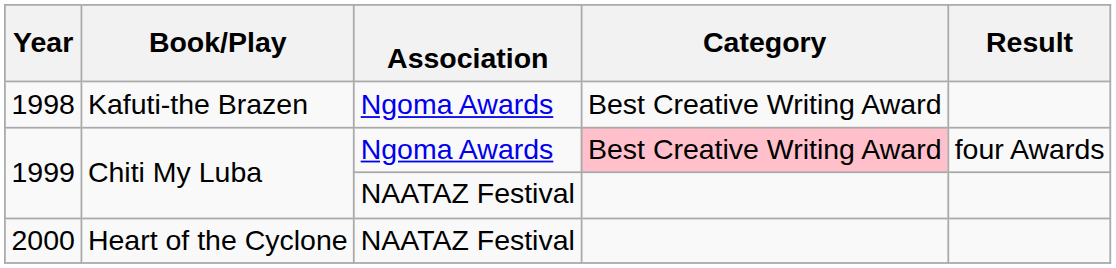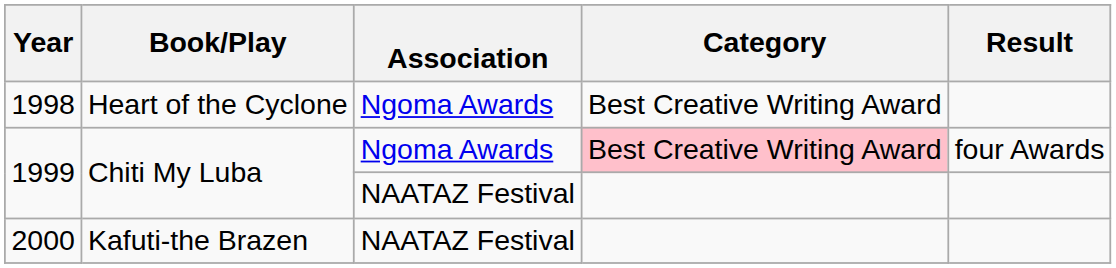 <table class="wikitable sortable">
 <tr>
 <th>Year</th>
 <th>Book/Play</th>
 <th><br>Association</th>
 <th>Category</th>
 <th>Result</th>
 </tr>
 <tr>
 <td>1998</td>
-<td>Kafuti-the Brazen</td>
+<td>Heart of the Cyclone</td>
 <td><a href='#'>Ngoma Awards</a></td>
 <td>Best Creative Writing Award</td>
 <td></td>
 </tr>
 <tr>
 <td rowspan=2>1999</td>
 <td rowspan=2>Chiti My Luba</td>
 <td><a href='#'>Ngoma Awards</a></td>
 <td style="background: pink;">Best Creative Writing Award</td>
 <td> four Awards</td>
 </tr>
 <tr>
 <td>NAATAZ Festival</td>
 <td></td>
 <td></td>
 </tr>
 <tr>
 <td>2000</td>
-<td>Heart of the Cyclone</td>
+<td>Kafuti-the Brazen</td>
 <td>NAATAZ Festival</td>
 <td></td>
 <td></td>
 </tr>
 </table>
